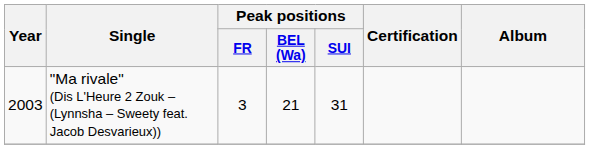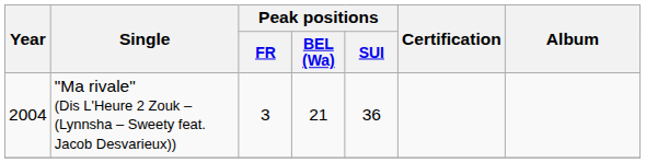 <table class="wikitable">
 <tr>
 <th align="center" rowspan="2" width="10">Year</th>
 <th align="center" rowspan="2" width="170">Single</th>
 <th align="center" colspan="3" width="30">Peak positions</th>
 <th align="center" rowspan="2" width="40">Certification</th>
 <th align="center" rowspan="2" width="120">Album</th>
 </tr>
 <tr>
 <th scope="col" style="width:3em;font-size:90%;"><a href='#'>FR</a><br></th>
 <th scope="col" style="width:3em;font-size:90%;"><a href='#'>BEL <br>(Wa)</a><br></th>
 <th scope="col" style="width:3em;font-size:90%;"><a href='#'>SUI</a><br></th>
 </tr>
 <tr>
-<td align="center" rowspan="1">2003</td>
+<td align="center" rowspan="1">2004</td>
 <td>"Ma rivale"<br><small>(Dis L'Heure 2 Zouk – (Lynnsha – Sweety feat. Jacob Desvarieux))</small></td>
 <td align="center">3</td>
 <td align="center">21</td>
-<td align="center">31</td>
+<td align="center">36</td>
 <td align="center"></td>
 <td align="center"></td>
 </tr>
 <tr>
 </tr>
 </table>
